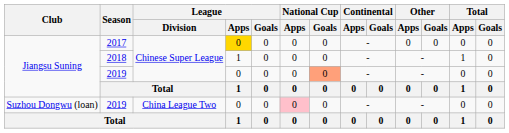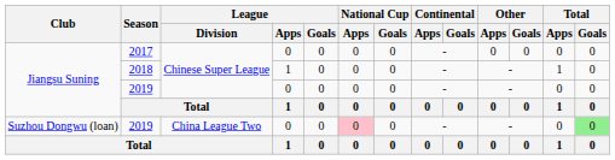 <table class="wikitable" style="text-align: center">
 <tr>
 <th rowspan="2">Club</th>
 <th rowspan="2">Season</th>
 <th colspan="3">League</th>
 <th colspan="2">National Cup</th>
 <th colspan="2">Continental</th>
 <th colspan="2">Other</th>
 <th colspan="2">Total</th>
 </tr>
 <tr>
 <th>Division</th>
 <th>Apps</th>
 <th>Goals</th>
 <th>Apps</th>
 <th>Goals</th>
 <th>Apps</th>
 <th>Goals</th>
 <th>Apps</th>
 <th>Goals</th>
 <th>Apps</th>
 <th>Goals</th>
 </tr>
 <tr>
 <td rowspan="4"><a href='#'>Jiangsu Suning</a></td>
 <td><a href='#'>2017</a></td>
 <td rowspan="3"><a href='#'>Chinese Super League</a></td>
-<td style="background: gold;">0</td>
+<td>0</td>
 <td>0</td>
 <td>0</td>
 <td>0</td>
 <td colspan="2">-</td>
 <td>0</td>
 <td>0</td>
 <td>0</td>
 <td>0</td>
 </tr>
 <tr>
 <td><a href='#'>2018</a></td>
 <td>1</td>
 <td>0</td>
 <td>0</td>
 <td>0</td>
 <td colspan="2">-</td>
 <td colspan="2">-</td>
 <td>1</td>
 <td>0</td>
 </tr>
 <tr>
 <td><a href='#'>2019</a></td>
 <td>0</td>
 <td>0</td>
 <td>0</td>
-<td style="background: lightsalmon;">0</td>
+<td>0</td>
 <td colspan="2">-</td>
 <td colspan="2">-</td>
 <td>0</td>
 <td>0</td>
 </tr>
 <tr>
 <th colspan="2"><strong>Total</strong></th>
 <th>1</th>
 <th>0</th>
 <th>0</th>
 <th>0</th>
 <th>0</th>
 <th>0</th>
 <th>0</th>
 <th>0</th>
 <th>1</th>
 <th>0</th>
 </tr>
 <tr>
 <td><a href='#'>Suzhou Dongwu</a> (loan)</td>
 <td><a href='#'>2019</a></td>
 <td><a href='#'>China League Two</a></td>
 <td>0</td>
 <td>0</td>
 <td style="background: pink;">0</td>
 <td>0</td>
 <td colspan="2">-</td>
 <td colspan="2">-</td>
 <td>0</td>
-<td>0</td>
+<td style="background: lightgreen;">0</td>
 </tr>
 <tr>
 <th colspan=3>Total</th>
 <th>1</th>
 <th>0</th>
 <th>0</th>
 <th>0</th>
 <th>0</th>
 <th>0</th>
 <th>0</th>
 <th>0</th>
 <th>1</th>
 <th>0</th>
 </tr>
 </table>
